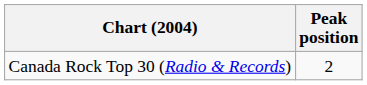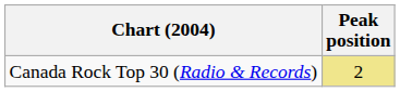 <table class="wikitable sortable">
 <tr>
 <th>Chart (2004)</th>
 <th>Peak<br>position</th>
 </tr>
 <tr>
 <td>Canada Rock Top 30 (<em><a href='#'>Radio & Records</a></em>)</td>
-<td align="center">2</td>
+<td align="center" style="background: khaki;">2</td>
 </tr>
 </table>
